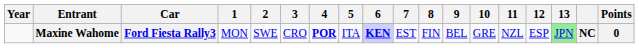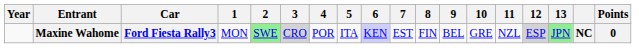 <table class="wikitable" style="text-align:center; font-size:90%">
 <tr>
 <th>Year</th>
 <th>Entrant</th>
 <th>Car</th>
 <th>1</th>
 <th>2</th>
 <th>3</th>
 <th>4</th>
 <th>5</th>
 <th>6</th>
 <th>7</th>
 <th>8</th>
 <th>9</th>
 <th>10</th>
 <th>11</th>
 <th>12</th>
 <th>13</th>
 <th></th>
 <th>Points</th>
 </tr>
 <tr>
 <td rowspan="2"></td>
 <th>Maxine Wahome</th>
 <th><a href='#'>Ford Fiesta Rally3</a></th>
 <td><a href='#'>MON</a></td>
-<td><a href='#'>SWE</a></td>
-<td><a href='#'>CRO</a></td>
-<td><strong><a href='#'>POR</a></strong></td>
+<td style="background: lightgreen;"><a href='#'>SWE</a></td>
+<td style="background: lightgrey;"><a href='#'>CRO</a></td>
+<td><a href='#'>POR</a></td>
 <td><a href='#'>ITA</a></td>
-<td style="background:#cfcfff;"><strong><a href='#'>KEN</a><br></strong></td>
+<td style="background:#cfcfff;"><a href='#'>KEN</a><br></td>
 <td><a href='#'>EST</a></td>
 <td><a href='#'>FIN</a></td>
 <td><a href='#'>BEL</a></td>
 <td><a href='#'>GRE</a></td>
 <td><a href='#'>NZL</a></td>
-<td><a href='#'>ESP</a></td>
+<td style="background: lightgrey;"><a href='#'>ESP</a></td>
 <td style="background: lightgreen;"><a href='#'>JPN</a></td>
 <th>NC</th>
 <th>0</th>
 </tr>
 </table>
